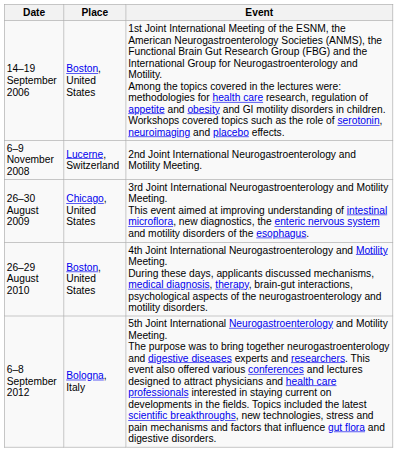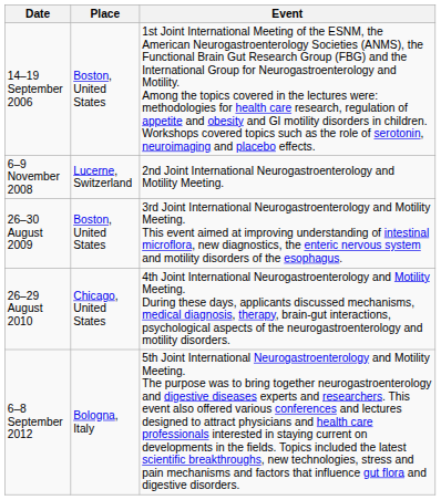 <table class="wikitable">
 <tr>
 <th>Date</th>
 <th>Place</th>
 <th>Event</th>
 </tr>
 <tr>
 <td>14–19 September 2006</td>
 <td><a href='#'>Boston</a>, United States</td>
 <td>1st Joint International Meeting of the ESNM, the American Neurogastroenterology Societies (ANMS), the Functional Brain Gut Research Group (FBG) and the International Group for Neurogastroenterology and Motility.<br>Among the topics covered in the lectures were: methodologies for <a href='#'>health care</a> research, regulation of <a href='#'>appetite</a> and <a href='#'>obesity</a> and GI motility disorders in children. Workshops covered topics such as the role of <a href='#'>serotonin</a>, <a href='#'>neuroimaging</a> and <a href='#'>placebo</a> effects.</td>
 </tr>
 <tr>
 <td>6–9 November 2008</td>
 <td><a href='#'>Lucerne</a>, Switzerland</td>
 <td>2nd Joint International Neurogastroenterology and Motility Meeting.</td>
 </tr>
 <tr>
 <td>26–30 August 2009</td>
-<td><a href='#'>Chicago</a>, United States</td>
+<td><a href='#'>Boston</a>, United States</td>
 <td>3rd Joint International Neurogastroenterology and Motility Meeting.<br>This event aimed at improving understanding of <a href='#'>intestinal microflora</a>, new diagnostics, the <a href='#'>enteric nervous system</a> and motility disorders of the <a href='#'>esophagus</a>.</td>
 </tr>
 <tr>
 <td>26–29 August 2010</td>
-<td><a href='#'>Boston</a>, United States</td>
+<td><a href='#'>Chicago</a>, United States</td>
 <td>4th Joint International Neurogastroenterology and <a href='#'>Motility</a> Meeting.<br>During these days, applicants discussed mechanisms, <a href='#'>medical diagnosis</a>, <a href='#'>therapy</a>, brain-gut interactions, psychological aspects of the neurogastroenterology and motility disorders.</td>
 </tr>
 <tr>
 <td>6–8 September 2012</td>
 <td><a href='#'>Bologna</a>, Italy</td>
 <td>5th Joint International <a href='#'>Neurogastroenterology</a> and Motility Meeting.<br>The purpose was to bring together neurogastroenterology and <a href='#'>digestive diseases</a> experts and <a href='#'>researchers</a>. This event also offered various <a href='#'>conferences</a> and lectures designed to attract physicians and <a href='#'>health care professionals</a> interested in staying current on developments in the fields. Topics included the latest <a href='#'>scientific breakthroughs</a>, new technologies, stress and pain mechanisms and factors that influence <a href='#'>gut flora</a> and digestive disorders.</td>
 </tr>
 </table>
